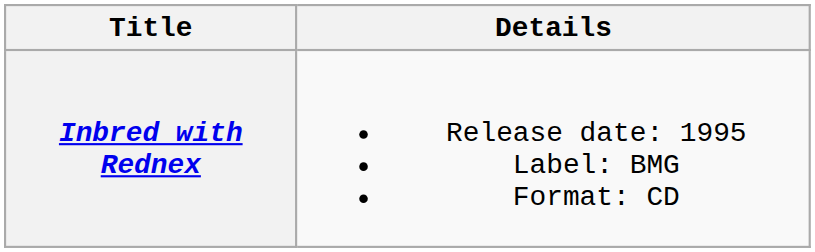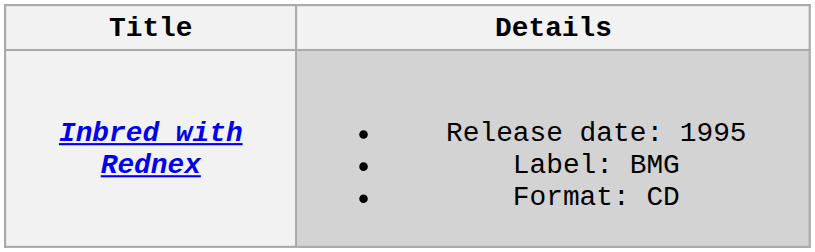 <table class="wikitable plainrowheaders" style="text-align:center;">
 <tr>
 <th style="width:10em;">Title</th>
 <th style="width:18em;">Details</th>
 </tr>
 <tr>
 <th scope="row"><em><a href='#'>Inbred with Rednex</a></em></th>
-<td><br><ul><li>Release date: 1995</li><li>Label: BMG</li><li>Format: CD</li></ul></td>
+<td style="background: lightgrey;"><br><ul><li>Release date: 1995</li><li>Label: BMG</li><li>Format: CD</li></ul></td>
 </tr>
 </table>
